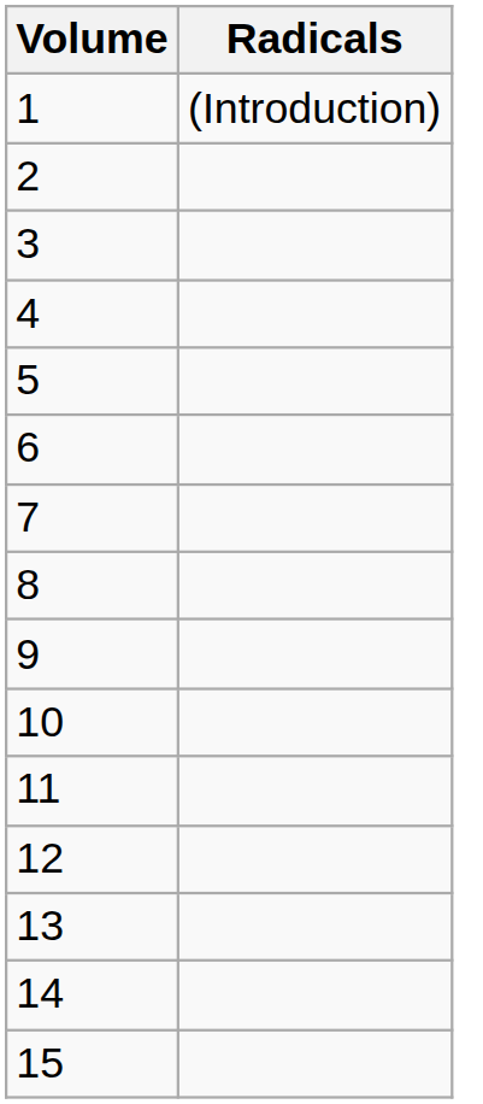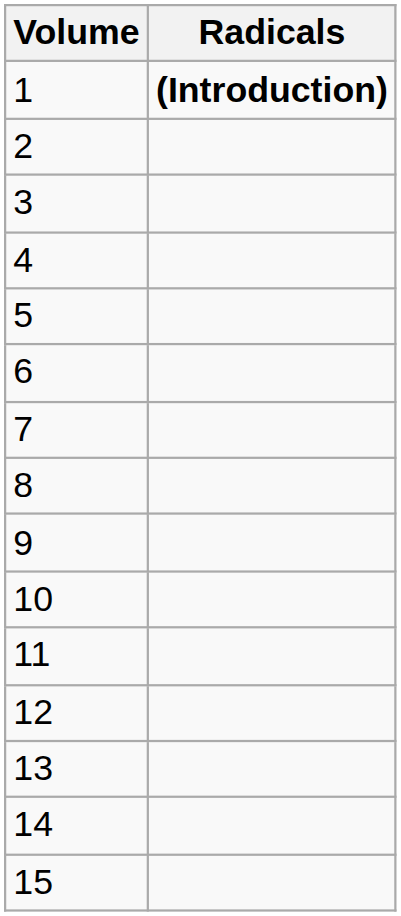 <table class="wikitable">
 <tr>
 <th>Volume</th>
 <th>Radicals</th>
 </tr>
 <tr>
 <td>1</td>
-<td>(Introduction)</td>
+<td><strong>(Introduction)</strong></td>
 </tr>
 <tr>
 <td>2</td>
 <td></td>
 </tr>
 <tr>
 <td>3</td>
 <td></td>
 </tr>
 <tr>
 <td>4</td>
 <td></td>
 </tr>
 <tr>
 <td>5</td>
 <td></td>
 </tr>
 <tr>
 <td>6</td>
 <td></td>
 </tr>
 <tr>
 <td>7</td>
 <td></td>
 </tr>
 <tr>
 <td>8</td>
 <td></td>
 </tr>
 <tr>
 <td>9</td>
 <td></td>
 </tr>
 <tr>
 <td>10</td>
 <td></td>
 </tr>
 <tr>
 <td>11</td>
 <td></td>
 </tr>
 <tr>
 <td>12</td>
 <td></td>
 </tr>
 <tr>
 <td>13</td>
 <td></td>
 </tr>
 <tr>
 <td>14</td>
 <td></td>
 </tr>
 <tr>
 <td>15</td>
 <td></td>
 </tr>
 </table>
